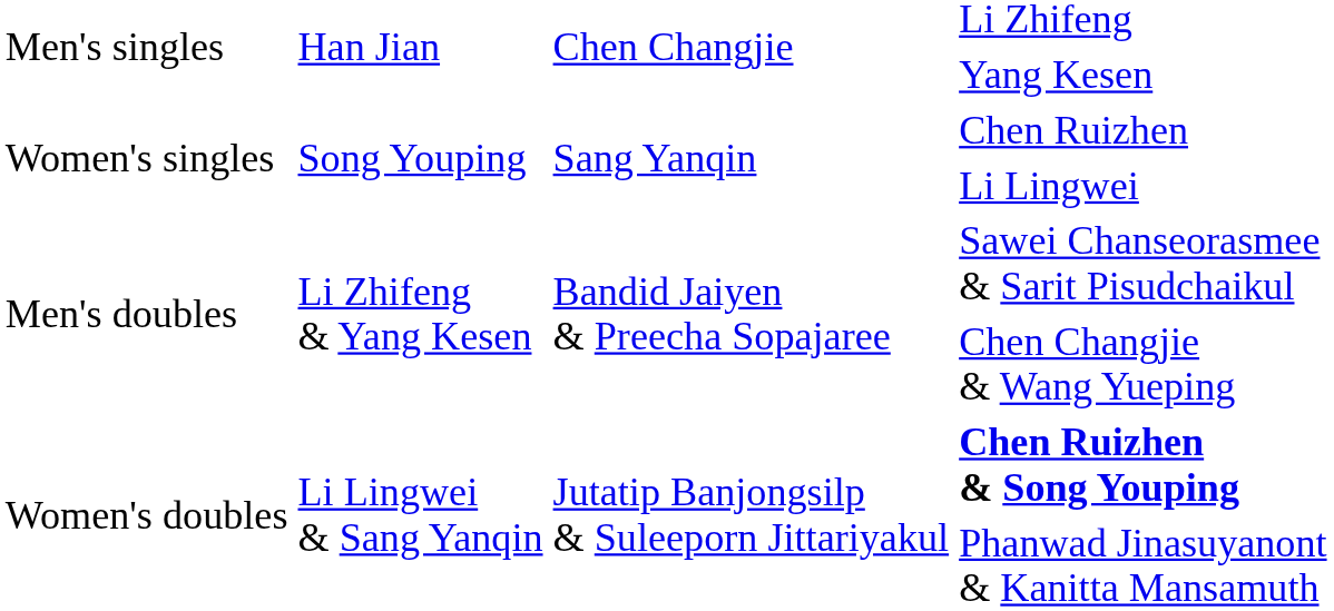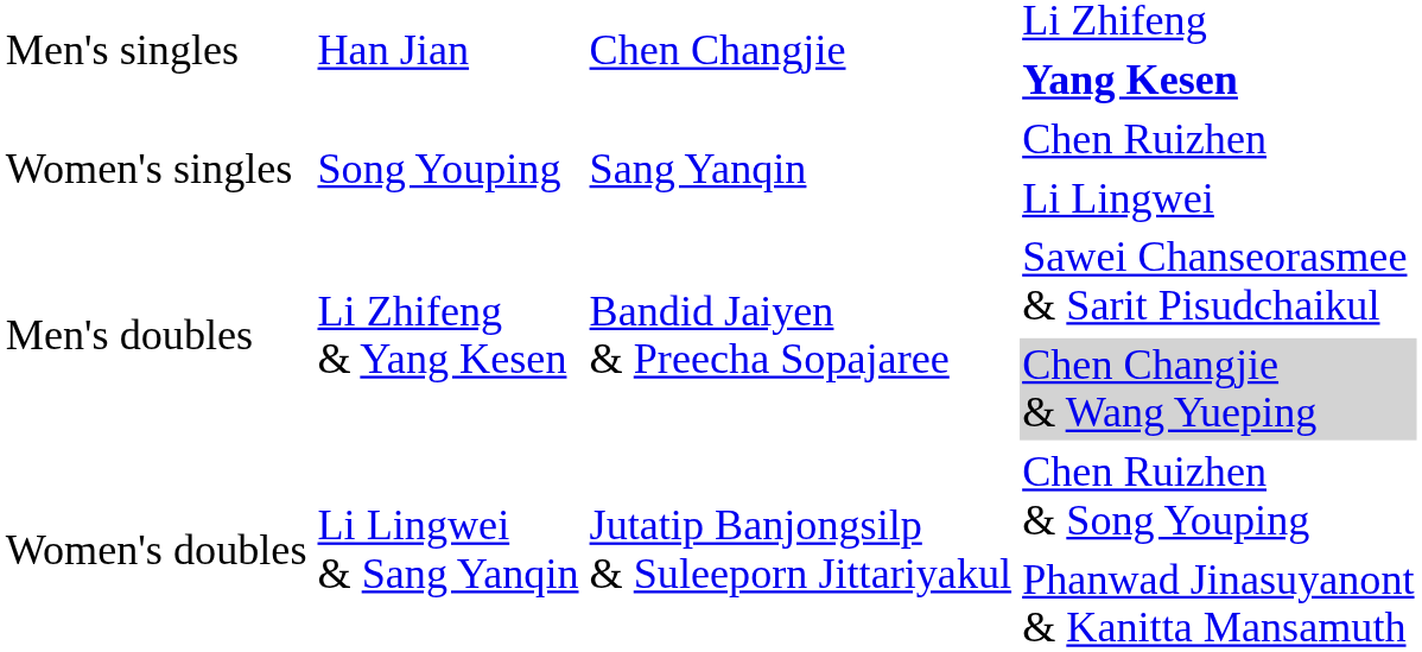 <table>
 <tr>
 <td rowspan="2">Men's singles</td>
 <td rowspan="2"> <a href='#'>Han Jian</a></td>
 <td rowspan="2"> <a href='#'>Chen Changjie</a></td>
 <td> <a href='#'>Li Zhifeng</a></td>
 </tr>
 <tr>
-<td> <a href='#'>Yang Kesen</a></td>
+<td><strong> <a href='#'>Yang Kesen</a></strong></td>
 </tr>
 <tr>
 <td rowspan="2">Women's singles</td>
 <td rowspan="2"> <a href='#'>Song Youping</a></td>
 <td rowspan="2"> <a href='#'>Sang Yanqin</a></td>
 <td> <a href='#'>Chen Ruizhen </a></td>
 </tr>
 <tr>
 <td> <a href='#'>Li Lingwei</a></td>
 </tr>
 <tr>
 <td rowspan="2">Men's doubles</td>
 <td rowspan="2"> <a href='#'>Li Zhifeng</a> <br> & <a href='#'>Yang Kesen</a></td>
 <td rowspan="2"> <a href='#'>Bandid Jaiyen</a> <br> & <a href='#'>Preecha Sopajaree</a></td>
 <td> <a href='#'>Sawei Chanseorasmee</a> <br> & <a href='#'>Sarit Pisudchaikul</a></td>
 </tr>
 <tr>
-<td> <a href='#'>Chen Changjie</a> <br> & <a href='#'>Wang Yueping</a></td>
+<td style="background: lightgrey;"> <a href='#'>Chen Changjie</a> <br> & <a href='#'>Wang Yueping</a></td>
 </tr>
 <tr>
 <td rowspan="2">Women's doubles</td>
 <td rowspan="2"> <a href='#'>Li Lingwei</a> <br> & <a href='#'>Sang Yanqin</a></td>
 <td rowspan="2"> <a href='#'>Jutatip Banjongsilp</a> <br> & <a href='#'>Suleeporn Jittariyakul</a></td>
-<td><strong> <a href='#'>Chen Ruizhen</a> <br> & <a href='#'>Song Youping</a></strong></td>
+<td> <a href='#'>Chen Ruizhen</a> <br> & <a href='#'>Song Youping</a></td>
 </tr>
 <tr>
 <td> <a href='#'>Phanwad Jinasuyanont</a> <br> & <a href='#'>Kanitta Mansamuth</a></td>
 </tr>
 </table>
